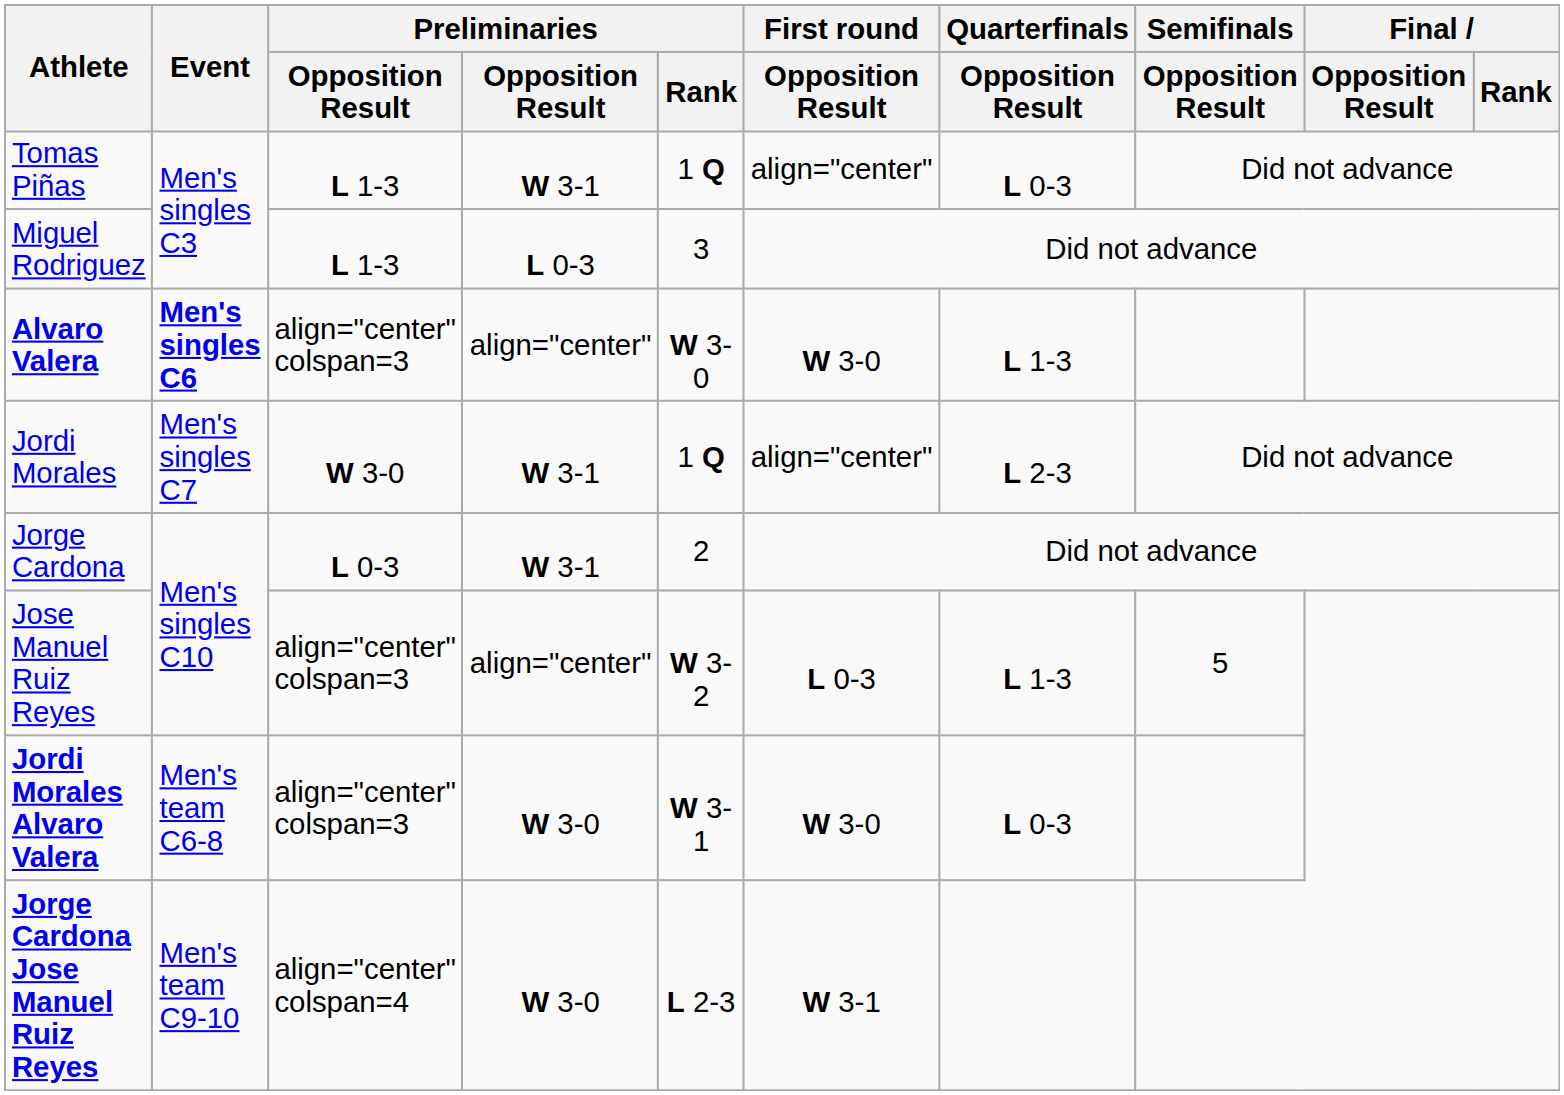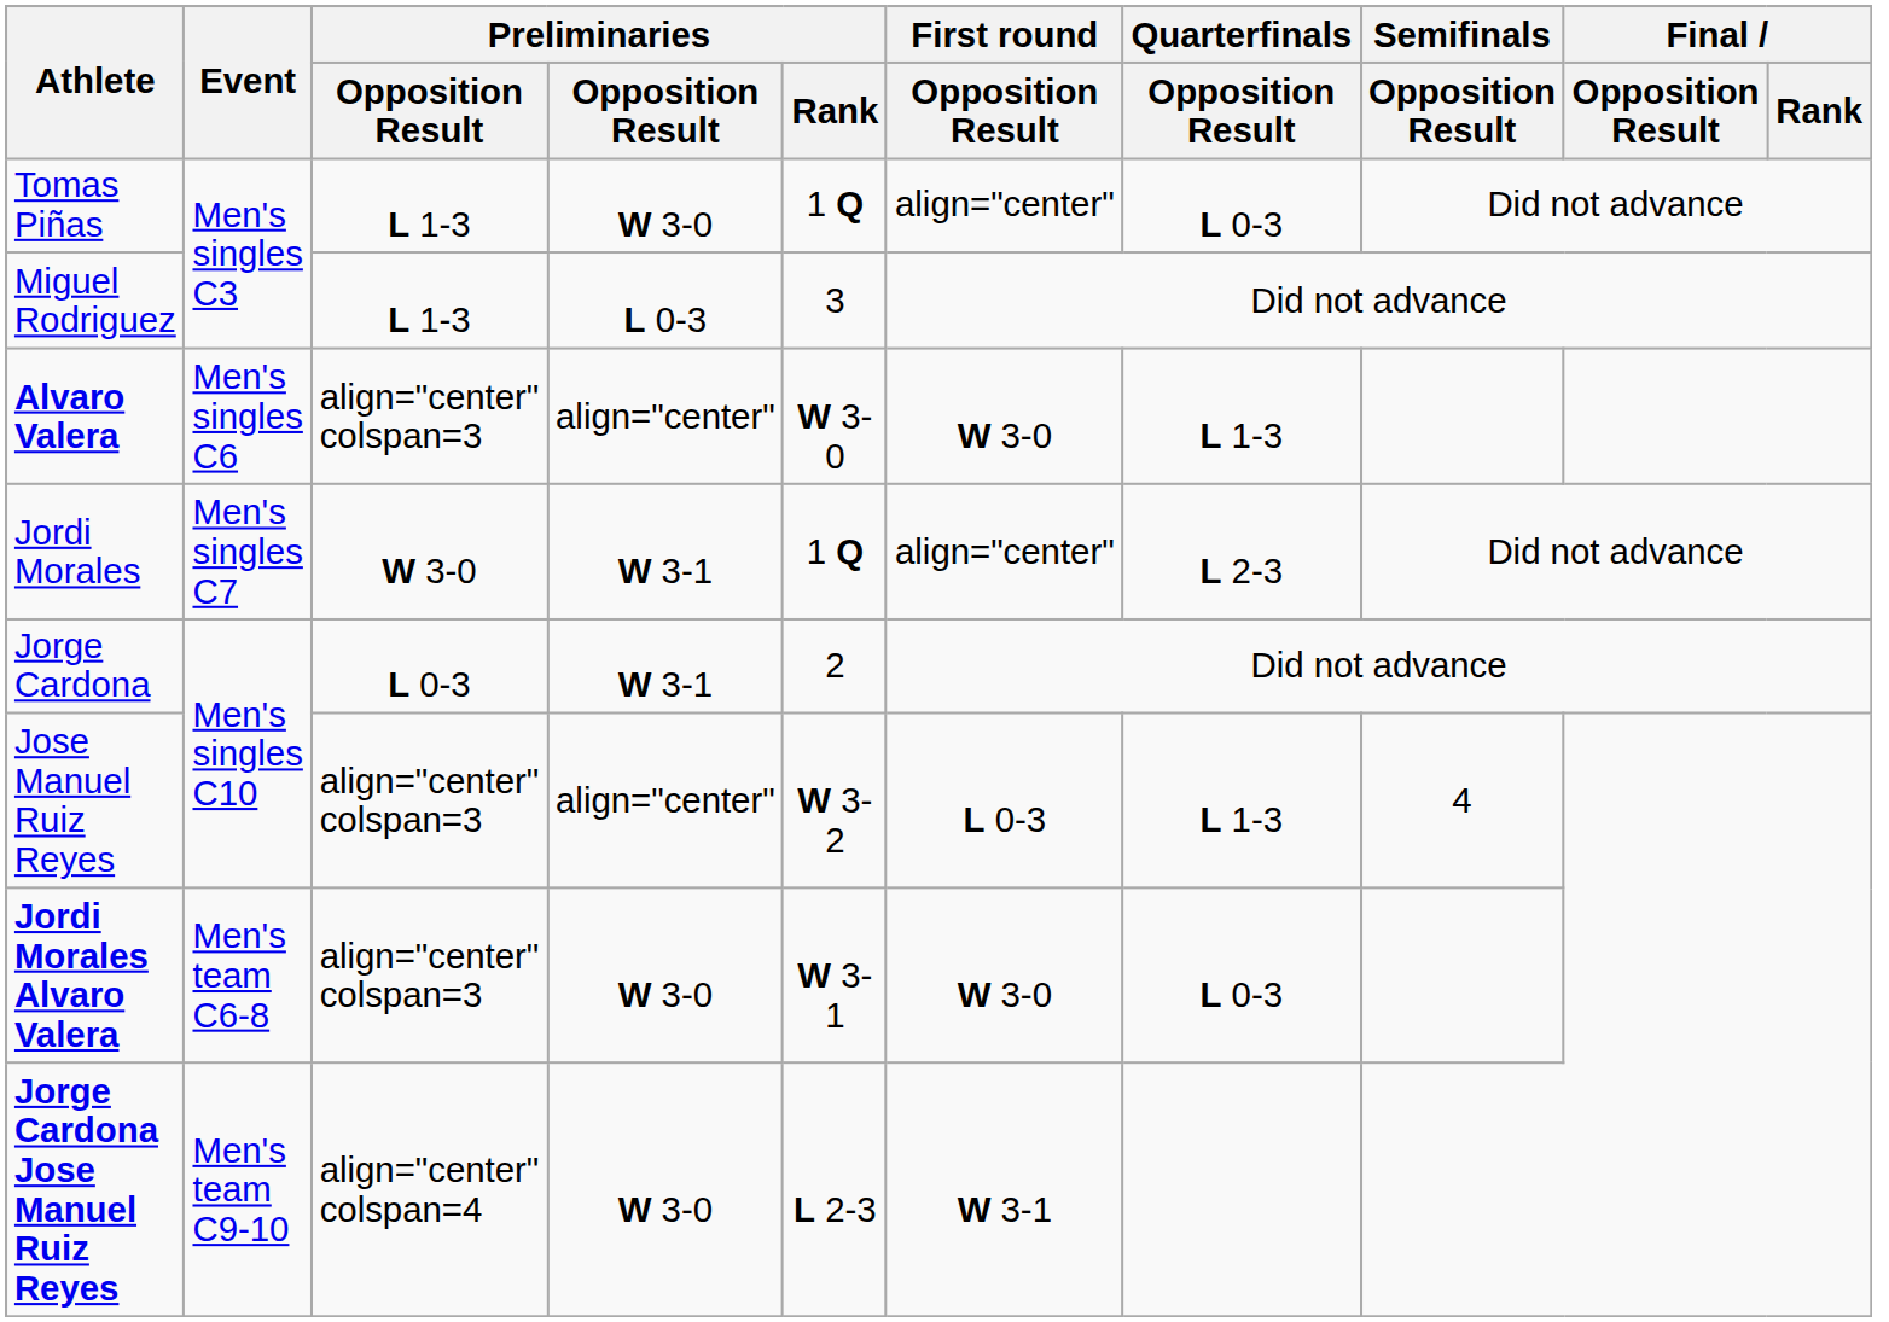 <table class=wikitable style="font-size:90%">
 <tr>
 <th rowspan="2">Athlete</th>
 <th rowspan="2">Event</th>
 <th colspan="3">Preliminaries</th>
 <th>First round</th>
 <th>Quarterfinals</th>
 <th>Semifinals</th>
 <th colspan="2">Final / </th>
 </tr>
 <tr>
 <th>Opposition<br>Result</th>
 <th>Opposition<br>Result</th>
 <th>Rank</th>
 <th>Opposition<br>Result</th>
 <th>Opposition<br>Result</th>
 <th>Opposition<br>Result</th>
 <th>Opposition<br>Result</th>
 <th>Rank</th>
 </tr>
 <tr>
 <td><a href='#'>Tomas Piñas</a></td>
 <td rowspan=2><a href='#'>Men's singles C3</a></td>
 <td align="center"><br><strong>L</strong> 1-3</td>
-<td align="center"><br><strong>W</strong> 3-1</td>
+<td align="center"><br><strong>W</strong> 3-0</td>
 <td align="center">1 <strong>Q</strong></td>
 <td>align="center" </td>
 <td align="center"><br><strong>L</strong> 0-3</td>
 <td align="center" colspan=3>Did not advance</td>
 </tr>
 <tr>
 <td><a href='#'>Miguel Rodriguez</a></td>
 <td align="center"><br><strong>L</strong> 1-3</td>
 <td align="center"><br><strong>L</strong> 0-3</td>
 <td align="center">3</td>
 <td align="center" colspan=5>Did not advance</td>
 </tr>
 <tr>
 <td><strong><a href='#'>Alvaro Valera</a></strong></td>
-<td><strong><a href='#'>Men's singles C6</a></strong></td>
+<td><a href='#'>Men's singles C6</a></td>
 <td>align="center" colspan=3 </td>
 <td>align="center" </td>
 <td align="center"><br><strong>W</strong> 3-0</td>
 <td align="center"><br><strong>W</strong> 3-0</td>
 <td align="center"><br><strong>L</strong> 1-3</td>
 <td align="center"></td>
 </tr>
 <tr>
 <td><a href='#'>Jordi Morales</a></td>
 <td><a href='#'>Men's singles C7</a></td>
 <td align="center"><br><strong>W</strong> 3-0</td>
 <td align="center"><br><strong>W</strong> 3-1</td>
 <td align="center">1 <strong>Q</strong></td>
 <td>align="center" </td>
 <td align="center"><br><strong>L</strong> 2-3</td>
 <td align="center" colspan=3>Did not advance</td>
 </tr>
 <tr>
 <td><a href='#'>Jorge Cardona</a></td>
 <td rowspan=2><a href='#'>Men's singles C10</a></td>
 <td align="center"><br><strong>L</strong> 0-3</td>
 <td align="center"><br><strong>W</strong> 3-1</td>
 <td align="center">2</td>
 <td align="center" colspan=5>Did not advance</td>
 </tr>
 <tr>
 <td><a href='#'>Jose Manuel Ruiz Reyes</a></td>
 <td>align="center" colspan=3 </td>
 <td>align="center" </td>
 <td align="center"><br><strong>W</strong> 3-2</td>
 <td align="center"><br><strong>L</strong> 0-3</td>
 <td align="center"><br><strong>L</strong> 1-3</td>
-<td align="center">5</td>
+<td align="center">4</td>
 </tr>
 <tr>
 <td><strong><a href='#'>Jordi Morales</a></strong><br> <strong><a href='#'>Alvaro Valera</a></strong></td>
 <td><a href='#'>Men's team C6-8</a></td>
 <td>align="center" colspan=3 </td>
 <td align="center"><br><strong>W</strong> 3-0</td>
 <td align="center"><br><strong>W</strong> 3-1</td>
 <td align="center"><br><strong>W</strong> 3-0</td>
 <td align="center"><br><strong>L</strong> 0-3</td>
 <td align="center"></td>
 </tr>
 <tr>
 <td><strong><a href='#'>Jorge Cardona</a></strong><br> <strong><a href='#'>Jose Manuel Ruiz Reyes</a></strong></td>
 <td><a href='#'>Men's team C9-10</a></td>
 <td>align="center" colspan=4 </td>
 <td align="center"><br><strong>W</strong> 3-0</td>
 <td align="center"><br><strong>L</strong> 2-3</td>
 <td align="center"><br><strong>W</strong> 3-1</td>
 <td align="center"></td>
 </tr>
 </table>
